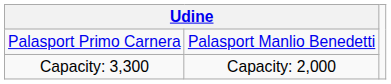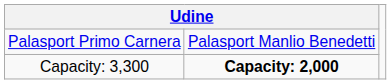 <table class="wikitable" style="text-align:center;">
 <tr>
 <th colspan="2"><a href='#'>Udine</a></th>
 <td rowspan="4"><br></td>
 </tr>
 <tr>
 <td><a href='#'>Palasport Primo Carnera</a></td>
 <td><a href='#'>Palasport Manlio Benedetti</a></td>
 </tr>
 <tr>
 <td>Capacity: 3,300</td>
-<td>Capacity: 2,000</td>
+<td><strong>Capacity: 2,000</strong></td>
 </tr>
 </table>
